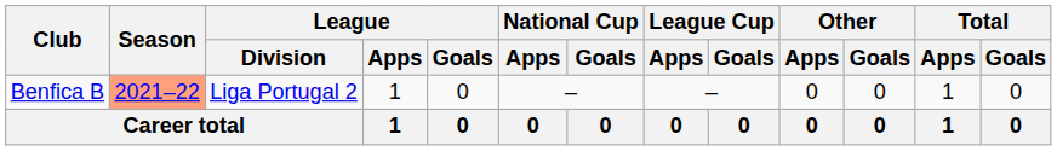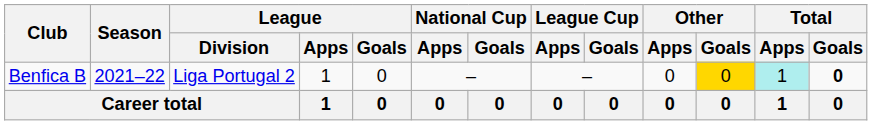 <table class="wikitable" style="text-align: center">
 <tr>
 <th rowspan="2">Club</th>
 <th rowspan="2">Season</th>
 <th colspan="3">League</th>
 <th colspan="2">National Cup</th>
 <th colspan="2">League Cup</th>
 <th colspan="2">Other</th>
 <th colspan="2">Total</th>
 </tr>
 <tr>
 <th>Division</th>
 <th>Apps</th>
 <th>Goals</th>
 <th>Apps</th>
 <th>Goals</th>
 <th>Apps</th>
 <th>Goals</th>
 <th>Apps</th>
 <th>Goals</th>
 <th>Apps</th>
 <th>Goals</th>
 </tr>
 <tr>
 <td><a href='#'>Benfica B</a></td>
-<td style="background: lightsalmon;"><a href='#'>2021–22</a></td>
+<td><a href='#'>2021–22</a></td>
 <td><a href='#'>Liga Portugal 2</a></td>
 <td>1</td>
 <td>0</td>
 <td colspan="2">–</td>
 <td colspan="2">–</td>
 <td>0</td>
-<td>0</td>
-<td>1</td>
-<td>0</td>
+<td style="background: gold;">0</td>
+<td style="background: paleturquoise;">1</td>
+<td><strong>0</strong></td>
 </tr>
 <tr>
 <th colspan="3"><strong>Career total</strong></th>
 <th>1</th>
 <th>0</th>
 <th>0</th>
 <th>0</th>
 <th>0</th>
 <th>0</th>
 <th>0</th>
 <th>0</th>
 <th>1</th>
 <th>0</th>
 </tr>
 </table>
